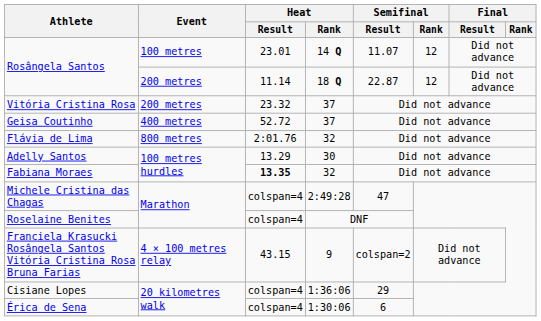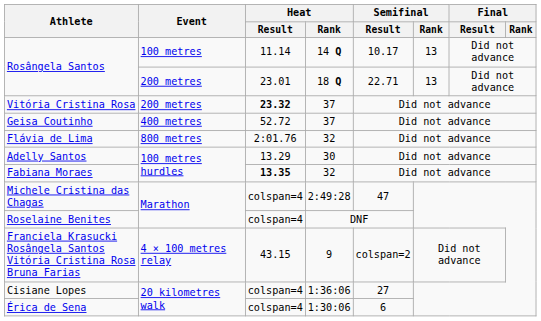 <table class="wikitable" style="font-size:90%">
 <tr>
 <th rowspan="2">Athlete</th>
 <th rowspan="2">Event</th>
 <th colspan="2">Heat</th>
 <th colspan="2">Semifinal</th>
 <th colspan="2">Final</th>
 </tr>
 <tr style="font-size:95%">
 <th>Result</th>
 <th>Rank</th>
 <th>Result</th>
 <th>Rank</th>
 <th>Result</th>
 <th>Rank</th>
 </tr>
 <tr style=text-align:center>
 <td style=text-align:left rowspan=2><a href='#'>Rosângela Santos</a></td>
 <td style=text-align:left><a href='#'>100 metres</a></td>
-<td>23.01</td>
+<td>11.14</td>
 <td>14 <strong>Q</strong></td>
-<td>11.07</td>
-<td>12</td>
+<td>10.17</td>
+<td>13</td>
 <td colspan=2>Did not advance</td>
 </tr>
 <tr style=text-align:center>
 <td style=text-align:left><a href='#'>200 metres</a></td>
-<td>11.14</td>
+<td>23.01</td>
 <td>18 <strong>Q</strong></td>
-<td>22.87</td>
-<td>12</td>
+<td>22.71</td>
+<td>13</td>
 <td colspan=2>Did not advance</td>
 </tr>
 <tr style=text-align:center>
 <td style=text-align:left><a href='#'>Vitória Cristina Rosa</a></td>
 <td style=text-align:left><a href='#'>200 metres</a></td>
-<td>23.32</td>
+<td><strong>23.32</strong></td>
 <td>37</td>
 <td colspan=4>Did not advance</td>
 </tr>
 <tr style=text-align:center>
 <td style=text-align:left><a href='#'>Geisa Coutinho</a></td>
 <td style=text-align:left><a href='#'>400 metres</a></td>
 <td>52.72</td>
 <td>37</td>
 <td colspan=4>Did not advance</td>
 </tr>
 <tr style=text-align:center>
 <td style=text-align:left><a href='#'>Flávia de Lima</a></td>
 <td style=text-align:left><a href='#'>800 metres</a></td>
 <td>2:01.76</td>
 <td>32</td>
 <td colspan=4>Did not advance</td>
 </tr>
 <tr style=text-align:center>
 <td style=text-align:left><a href='#'>Adelly Santos</a></td>
 <td style=text-align:left rowspan=2><a href='#'>100 metres hurdles</a></td>
 <td>13.29</td>
 <td>30</td>
 <td colspan=4>Did not advance</td>
 </tr>
 <tr style=text-align:center>
 <td style=text-align:left><a href='#'>Fabiana Moraes</a></td>
 <td><strong>13.35</strong></td>
 <td>32</td>
 <td colspan=4>Did not advance</td>
 </tr>
 <tr style=text-align:center>
 <td style=text-align:left><a href='#'>Michele Cristina das Chagas</a></td>
 <td style=text-align:left rowspan=2><a href='#'>Marathon</a></td>
 <td>colspan=4 </td>
 <td>2:49:28</td>
 <td>47</td>
 </tr>
 <tr style=text-align:center>
 <td style=text-align:left><a href='#'>Roselaine Benites</a></td>
 <td>colspan=4 </td>
 <td colspan=2>DNF</td>
 </tr>
 <tr style=text-align:center>
 <td style=text-align:left><a href='#'>Franciela Krasucki</a><br><a href='#'>Rosângela Santos</a><br><a href='#'>Vitória Cristina Rosa</a><br><a href='#'>Bruna Farias</a></td>
 <td style=text-align:left><a href='#'>4 × 100 metres relay</a></td>
 <td>43.15</td>
 <td>9</td>
 <td>colspan=2 </td>
 <td colspan=2>Did not advance</td>
 </tr>
 <tr style=text-align:center>
 <td style=text-align:left>Cisiane Lopes</td>
 <td style=text-align:left rowspan=2><a href='#'>20 kilometres walk</a></td>
 <td>colspan=4 </td>
 <td>1:36:06</td>
-<td>29</td>
+<td>27</td>
 </tr>
 <tr style=text-align:center>
 <td style=text-align:left><a href='#'>Érica de Sena</a></td>
 <td>colspan=4 </td>
 <td>1:30:06</td>
 <td>6</td>
 </tr>
 </table>
